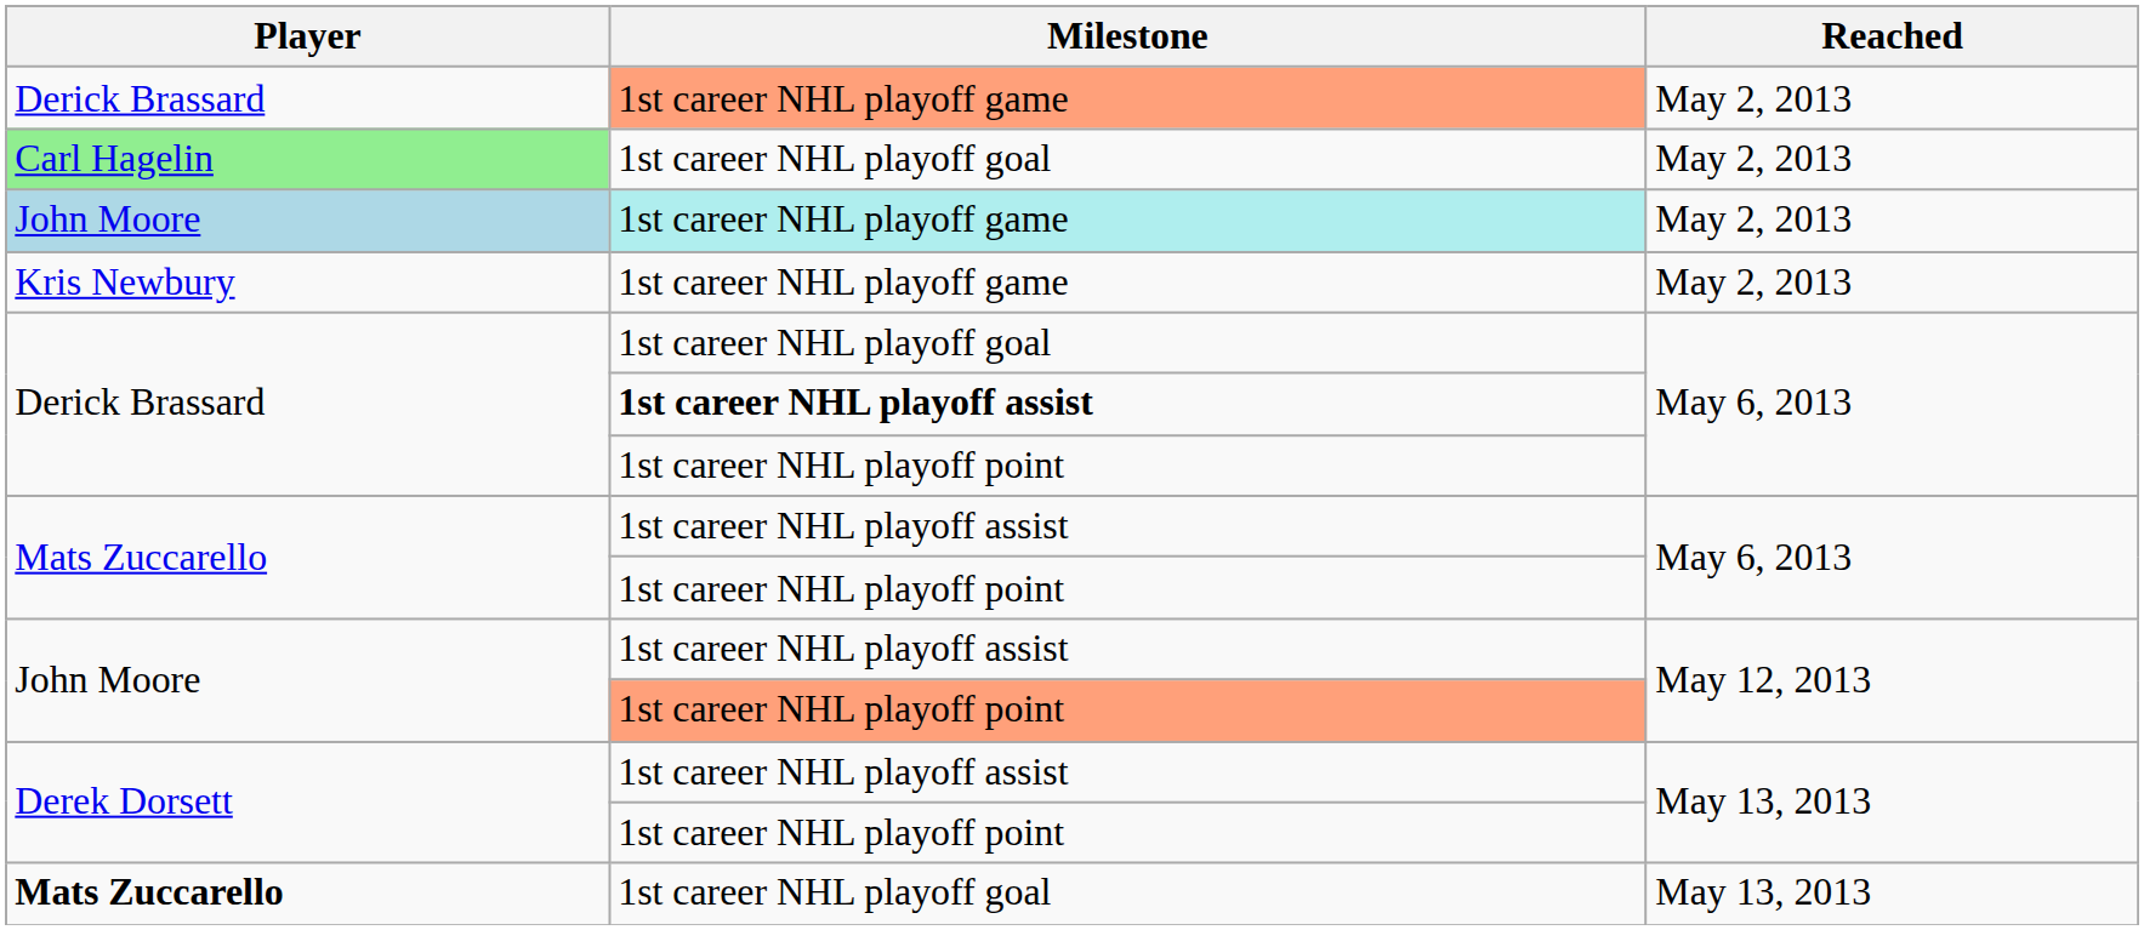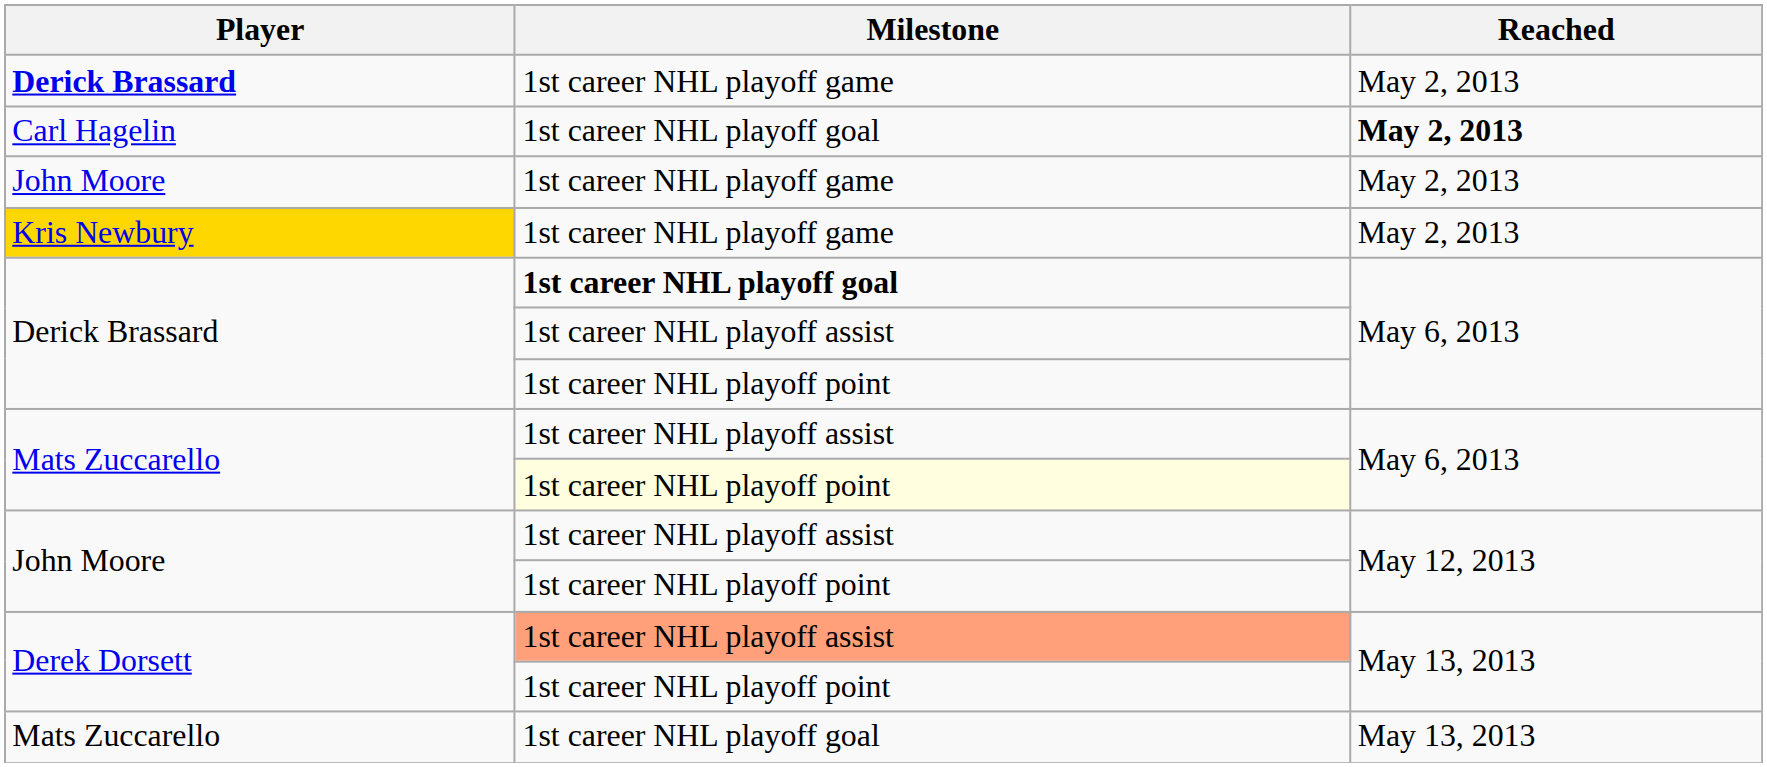 <table class="wikitable sortable" style="width:100%;">
 <tr align=center>
 <th>Player</th>
 <th>Milestone</th>
 <th>Reached</th>
 </tr>
 <tr>
-<td><a href='#'>Derick Brassard</a></td>
-<td style="background: lightsalmon;">1st career NHL playoff game</td>
+<td><strong><a href='#'>Derick Brassard</a></strong></td>
+<td>1st career NHL playoff game</td>
 <td>May 2, 2013</td>
 </tr>
 <tr>
-<td style="background: lightgreen;"><a href='#'>Carl Hagelin</a></td>
+<td><a href='#'>Carl Hagelin</a></td>
 <td>1st career NHL playoff goal</td>
+<td><strong>May 2, 2013</strong></td>
+</tr>
+<tr>
+<td><a href='#'>John Moore</a></td>
+<td>1st career NHL playoff game</td>
 <td>May 2, 2013</td>
 </tr>
 <tr>
-<td style="background: lightblue;"><a href='#'>John Moore</a></td>
-<td style="background: paleturquoise;">1st career NHL playoff game</td>
-<td>May 2, 2013</td>
-</tr>
-<tr>
-<td><a href='#'>Kris Newbury</a></td>
+<td style="background: gold;"><a href='#'>Kris Newbury</a></td>
 <td>1st career NHL playoff game</td>
 <td>May 2, 2013</td>
 </tr>
 <tr>
 <td rowspan=3>Derick Brassard</td>
-<td>1st career NHL playoff goal</td>
+<td><strong>1st career NHL playoff goal</strong></td>
 <td rowspan=3>May 6, 2013</td>
 </tr>
 <tr>
-<td><strong>1st career NHL playoff assist</strong></td>
+<td>1st career NHL playoff assist</td>
 </tr>
 <tr>
 <td>1st career NHL playoff point</td>
 </tr>
 <tr>
 <td rowspan=2><a href='#'>Mats Zuccarello</a></td>
 <td>1st career NHL playoff assist</td>
 <td rowspan=2>May 6, 2013</td>
 </tr>
 <tr>
-<td>1st career NHL playoff point</td>
+<td style="background: lightyellow;">1st career NHL playoff point</td>
 </tr>
 <tr>
 <td rowspan=2>John Moore</td>
 <td>1st career NHL playoff assist</td>
 <td rowspan=2>May 12, 2013</td>
 </tr>
 <tr>
-<td style="background: lightsalmon;">1st career NHL playoff point</td>
+<td>1st career NHL playoff point</td>
 </tr>
 <tr>
 <td rowspan=2><a href='#'>Derek Dorsett</a></td>
-<td>1st career NHL playoff assist</td>
+<td style="background: lightsalmon;">1st career NHL playoff assist</td>
 <td rowspan=2>May 13, 2013</td>
 </tr>
 <tr>
 <td>1st career NHL playoff point</td>
 </tr>
 <tr>
-<td><strong>Mats Zuccarello</strong></td>
+<td>Mats Zuccarello</td>
 <td>1st career NHL playoff goal</td>
 <td>May 13, 2013</td>
 </tr>
 </table>
